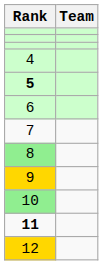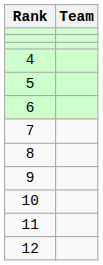 <table class="wikitable" style="text-align: center;">
 <tr>
 <th width=40>Rank</th>
 <th>Team</th>
 </tr>
 <tr bgcolor=#ccffcc>
 <td></td>
 <td style="text-align:left;"></td>
 </tr>
 <tr bgcolor=#ccffcc>
 <td></td>
 <td style="text-align:left;"></td>
 </tr>
 <tr bgcolor=#ccffcc>
 <td></td>
 <td style="text-align:left;"></td>
 </tr>
 <tr bgcolor=#ccffcc>
 <td>4</td>
 <td style="text-align:left;"></td>
 </tr>
 <tr bgcolor=#ccffcc>
-<td><strong>5</strong></td>
+<td>5</td>
 <td style="text-align:left;"></td>
 </tr>
 <tr bgcolor=#ccffcc>
 <td>6</td>
 <td style="text-align:left;"></td>
 </tr>
 <tr>
 <td>7</td>
 <td style="text-align:left;"></td>
 </tr>
 <tr>
-<td style="background: lightgreen;">8</td>
+<td>8</td>
 <td style="text-align:left;"></td>
 </tr>
 <tr>
-<td style="background: gold;">9</td>
+<td>9</td>
 <td style="text-align:left;"></td>
 </tr>
 <tr>
-<td style="background: lightgreen;">10</td>
+<td>10</td>
 <td style="text-align:left;"></td>
 </tr>
 <tr>
-<td><strong>11</strong></td>
+<td>11</td>
 <td style="text-align:left;"></td>
 </tr>
 <tr>
-<td style="background: gold;">12</td>
+<td>12</td>
 <td style="text-align:left;"></td>
 </tr>
 </table>
